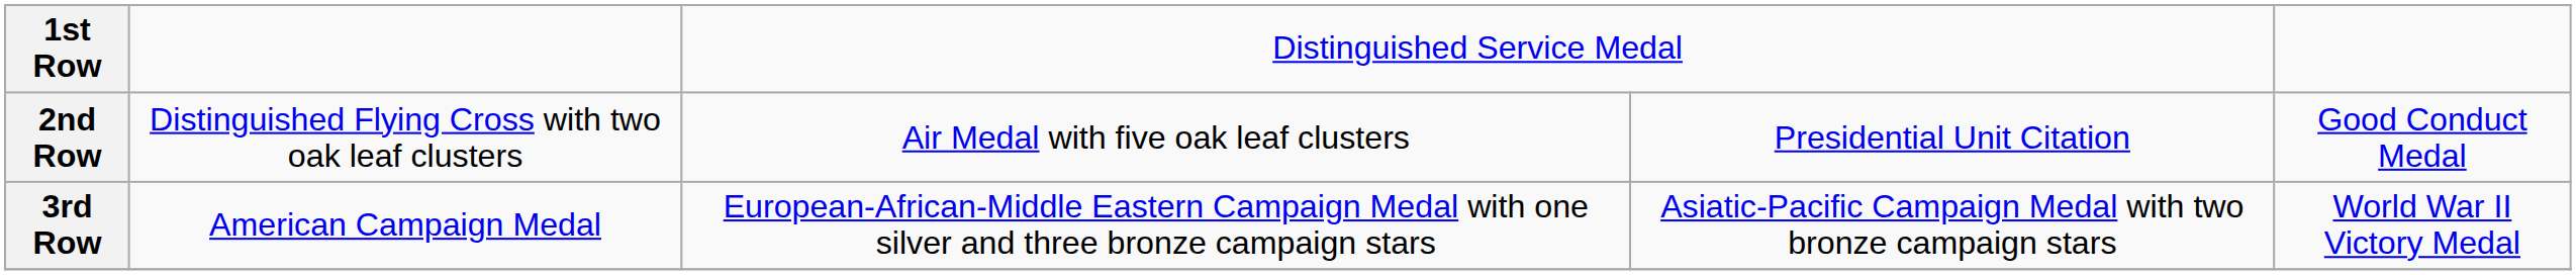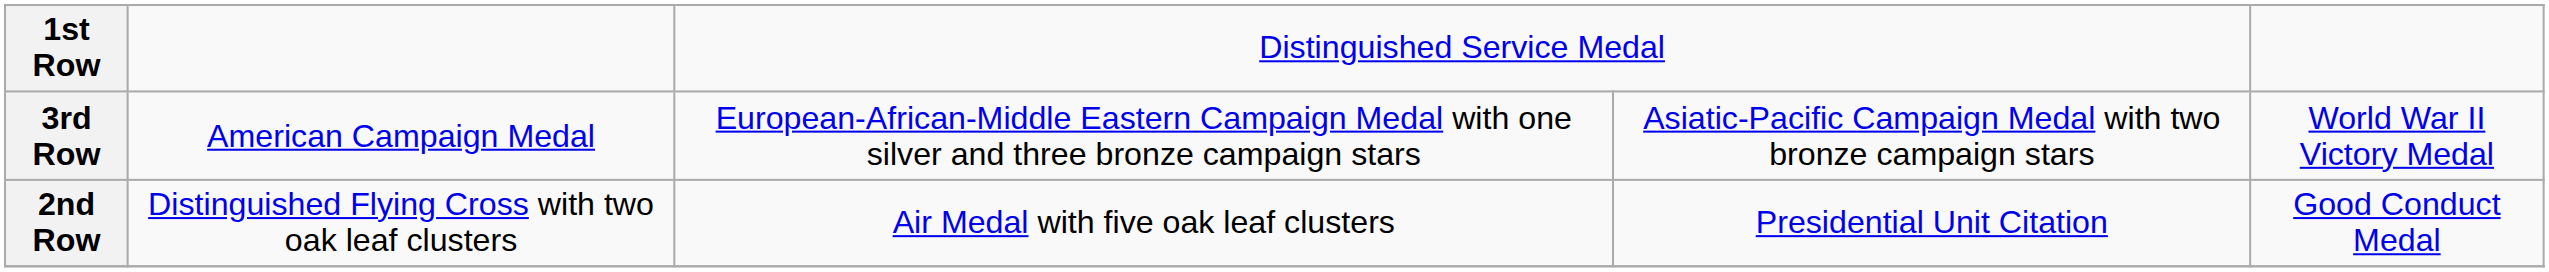 <table class="wikitable" style="margin:1em auto; text-align:center;">
 <tr>
 <th>1st Row</th>
 <td></td>
 <td colspan="2"><a href='#'>Distinguished Service Medal</a></td>
 <td></td>
+</tr>
+<tr>
+<th>3rd Row</th>
+<td><a href='#'>American Campaign Medal</a></td>
+<td><a href='#'>European-African-Middle Eastern Campaign Medal</a> with one silver and three bronze campaign stars</td>
+<td><a href='#'>Asiatic-Pacific Campaign Medal</a> with two bronze campaign stars</td>
+<td><a href='#'>World War II Victory Medal</a></td>
 </tr>
 <tr>
 <th>2nd Row</th>
 <td><a href='#'>Distinguished Flying Cross</a> with two oak leaf clusters</td>
 <td><a href='#'>Air Medal</a> with five oak leaf clusters</td>
 <td><a href='#'>Presidential Unit Citation</a></td>
 <td><a href='#'>Good Conduct Medal</a></td>
 </tr>
 <tr>
-<th>3rd Row</th>
-<td><a href='#'>American Campaign Medal</a></td>
-<td><a href='#'>European-African-Middle Eastern Campaign Medal</a> with one silver and three bronze campaign stars</td>
-<td><a href='#'>Asiatic-Pacific Campaign Medal</a> with two bronze campaign stars</td>
-<td><a href='#'>World War II Victory Medal</a></td>
-</tr>
-<tr>
 </tr>
 </table>
